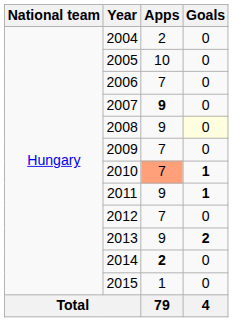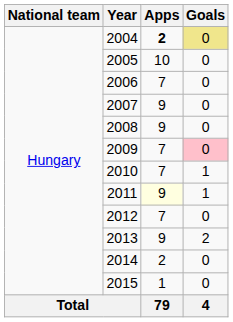 <table class="wikitable" style="text-align:center">
 <tr>
 <th>National team</th>
 <th>Year</th>
 <th>Apps</th>
 <th>Goals</th>
 </tr>
 <tr>
 <td rowspan="12"><a href='#'>Hungary</a></td>
 <td>2004</td>
-<td>2</td>
-<td>0</td>
+<td><strong>2</strong></td>
+<td style="background: khaki;">0</td>
 </tr>
 <tr>
 <td>2005</td>
 <td>10</td>
 <td>0</td>
 </tr>
 <tr>
 <td>2006</td>
 <td>7</td>
 <td>0</td>
 </tr>
 <tr>
 <td>2007</td>
-<td><strong>9</strong></td>
+<td>9</td>
 <td>0</td>
 </tr>
 <tr>
 <td>2008</td>
 <td>9</td>
-<td style="background: lightyellow;">0</td>
+<td>0</td>
 </tr>
 <tr>
 <td>2009</td>
 <td>7</td>
-<td>0</td>
+<td style="background: pink;">0</td>
 </tr>
 <tr>
 <td>2010</td>
-<td style="background: lightsalmon;">7</td>
-<td><strong>1</strong></td>
+<td>7</td>
+<td>1</td>
 </tr>
 <tr>
 <td>2011</td>
-<td>9</td>
-<td><strong>1</strong></td>
+<td style="background: lightyellow;">9</td>
+<td>1</td>
 </tr>
 <tr>
 <td>2012</td>
 <td>7</td>
 <td>0</td>
 </tr>
 <tr>
 <td>2013</td>
 <td>9</td>
-<td><strong>2</strong></td>
+<td>2</td>
 </tr>
 <tr>
 <td>2014</td>
-<td><strong>2</strong></td>
+<td>2</td>
 <td>0</td>
 </tr>
 <tr>
 <td>2015</td>
 <td>1</td>
 <td>0</td>
 </tr>
 <tr>
 <th colspan="2">Total</th>
 <th>79</th>
 <th>4</th>
 </tr>
 </table>
